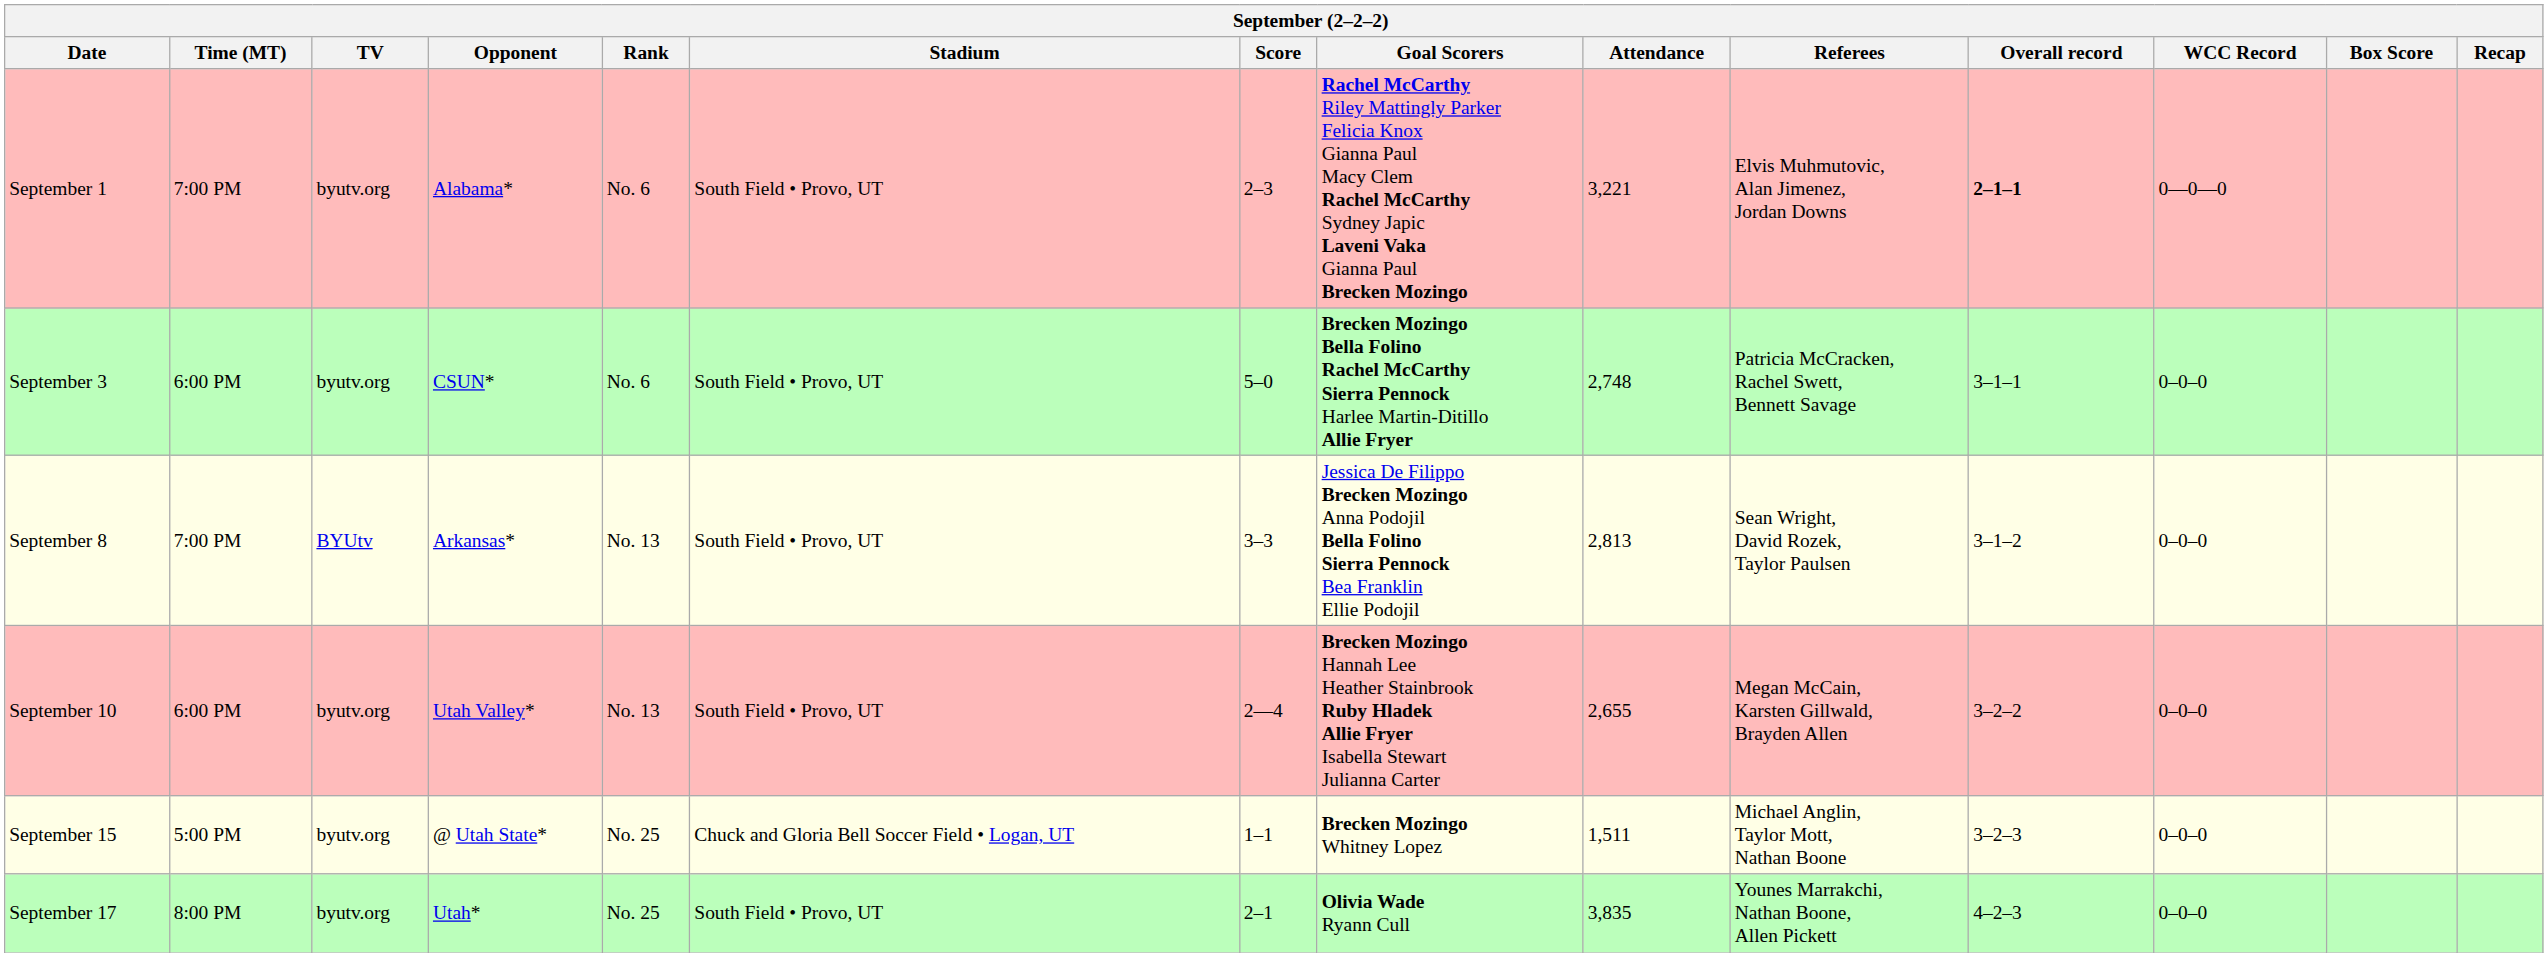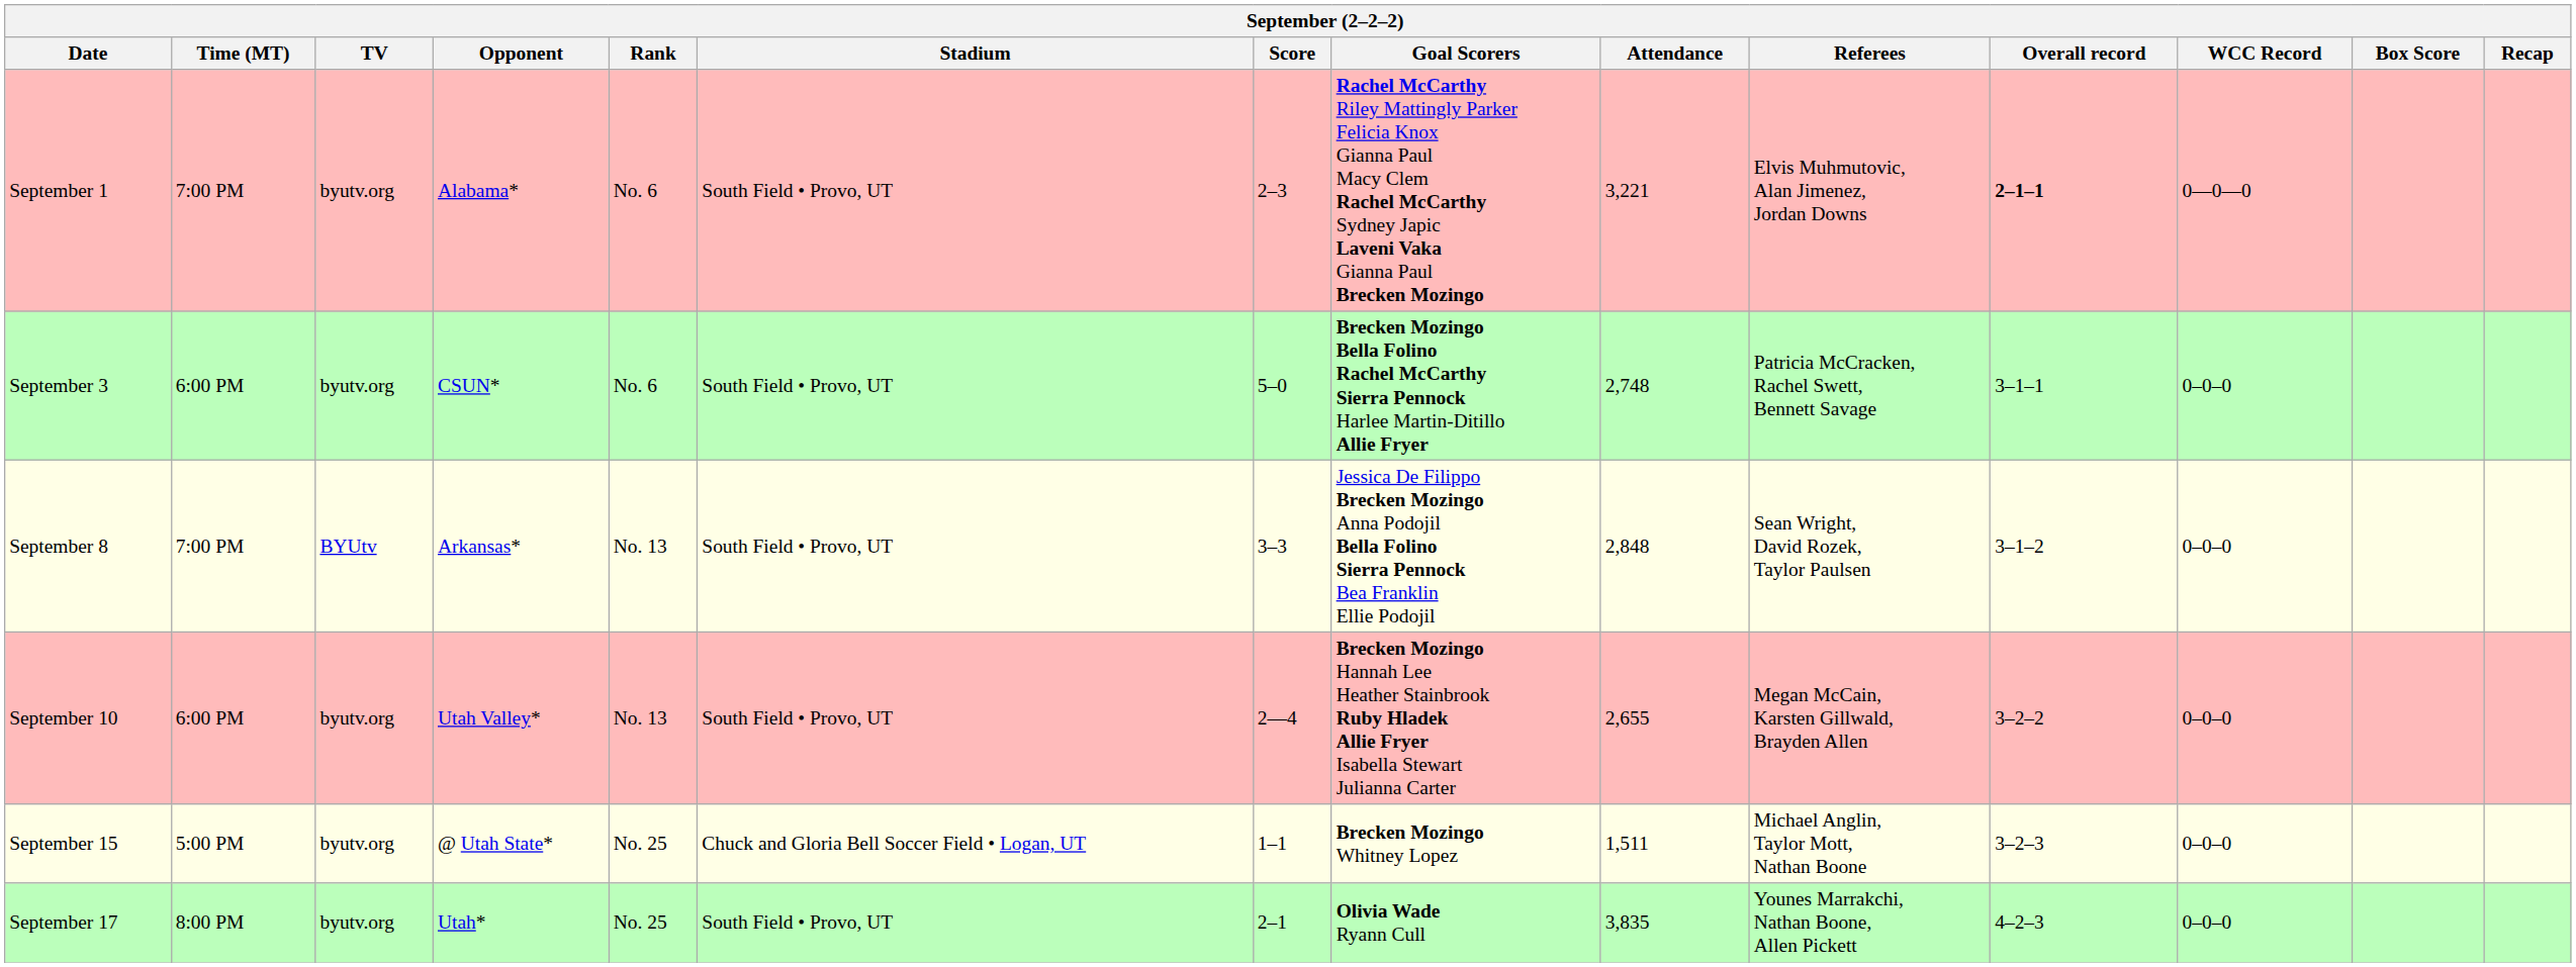 <table class="wikitable collapsible collapsed" style="margin:auto; font-size:95%; width:100%">
 <tr>
 <th colspan=14 style="padding-left:4em;">September (2–2–2)</th>
 </tr>
 <tr>
 <th>Date</th>
 <th>Time (MT)</th>
 <th>TV</th>
 <th>Opponent</th>
 <th>Rank</th>
 <th>Stadium</th>
 <th>Score</th>
 <th>Goal Scorers</th>
 <th>Attendance</th>
 <th>Referees</th>
 <th>Overall record</th>
 <th>WCC Record</th>
 <th>Box Score</th>
 <th>Recap</th>
 </tr>
 <tr bgcolor=ffbbbb>
 <td>September 1</td>
 <td>7:00 PM</td>
 <td>byutv.org</td>
 <td><a href='#'>Alabama</a>*</td>
 <td>No. 6</td>
 <td>South Field • Provo, UT</td>
 <td>2–3</td>
 <td><strong><a href='#'>Rachel McCarthy</a></strong>  <br>  <a href='#'>Riley Mattingly Parker</a> <br>  <a href='#'>Felicia Knox</a> <br>  Gianna Paul <br>  Macy Clem <br> <strong>Rachel McCarthy</strong>  <br>  Sydney Japic <br> <strong>Laveni Vaka</strong>  <br>  Gianna Paul <br> <strong>Brecken Mozingo</strong> </td>
 <td>3,221</td>
 <td>Elvis Muhmutovic, <br> Alan Jimenez, <br> Jordan Downs</td>
 <td><strong>2–1–1</strong></td>
 <td>0—0—0</td>
 <td></td>
 <td></td>
 </tr>
 <tr bgcolor=bbffbb>
 <td>September 3</td>
 <td>6:00 PM</td>
 <td>byutv.org</td>
 <td><a href='#'>CSUN</a>*</td>
 <td>No. 6</td>
 <td>South Field • Provo, UT</td>
 <td>5–0</td>
 <td><strong>Brecken Mozingo</strong>  <br> <strong>Bella Folino</strong>  <br> <strong>Rachel McCarthy</strong>  <br> <strong>Sierra Pennock</strong>  <br>  Harlee Martin-Ditillo <br> <strong>Allie Fryer</strong> </td>
 <td>2,748</td>
 <td>Patricia McCracken, <br> Rachel Swett, <br> Bennett Savage</td>
 <td>3–1–1</td>
 <td>0–0–0</td>
 <td></td>
 <td></td>
 </tr>
 <tr bgcolor=ffffe6>
 <td>September 8</td>
 <td>7:00 PM</td>
 <td><a href='#'>BYUtv</a></td>
 <td><a href='#'>Arkansas</a>*</td>
 <td>No. 13</td>
 <td>South Field • Provo, UT</td>
 <td>3–3</td>
 <td> <a href='#'>Jessica De Filippo</a> <br> <strong>Brecken Mozingo</strong>  <br>  Anna Podojil <br> <strong>Bella Folino</strong>  <br> <strong>Sierra Pennock</strong>  <br>  <a href='#'>Bea Franklin</a> <br>  Ellie Podojil</td>
-<td>2,813</td>
+<td>2,848</td>
 <td>Sean Wright, <br> David Rozek, <br> Taylor Paulsen</td>
 <td>3–1–2</td>
 <td>0–0–0</td>
 <td></td>
 <td></td>
 </tr>
 <tr bgcolor=ffbbbb>
 <td>September 10</td>
 <td>6:00 PM</td>
 <td>byutv.org</td>
 <td><a href='#'>Utah Valley</a>*</td>
 <td>No. 13</td>
 <td>South Field • Provo, UT</td>
 <td>2—4</td>
 <td><strong>Brecken Mozingo</strong>  <br>  Hannah Lee <br>  Heather Stainbrook <br> <strong>Ruby Hladek</strong>  <br> <strong>Allie Fryer</strong>  <br>  Isabella Stewart <br>  Julianna Carter</td>
 <td>2,655</td>
 <td>Megan McCain, <br> Karsten Gillwald, <br> Brayden Allen</td>
 <td>3–2–2</td>
 <td>0–0–0</td>
 <td></td>
 <td></td>
 </tr>
 <tr bgcolor=ffffe6>
 <td>September 15</td>
 <td>5:00 PM</td>
 <td>byutv.org</td>
 <td>@ <a href='#'>Utah State</a>*</td>
 <td>No. 25</td>
 <td>Chuck and Gloria Bell Soccer Field • <a href='#'>Logan, UT</a></td>
 <td>1–1</td>
 <td><strong>Brecken Mozingo</strong>  <br>  Whitney Lopez</td>
 <td>1,511</td>
 <td>Michael Anglin, <br> Taylor Mott, <br> Nathan Boone</td>
 <td>3–2–3</td>
 <td>0–0–0</td>
 <td></td>
 <td></td>
 </tr>
 <tr bgcolor=bbffbb>
 <td>September 17</td>
 <td>8:00 PM</td>
 <td>byutv.org</td>
 <td><a href='#'>Utah</a>*</td>
 <td>No. 25</td>
 <td>South Field • Provo, UT</td>
 <td>2–1</td>
 <td><strong>Olivia Wade</strong>  <br>  Ryann Cull</td>
 <td>3,835</td>
 <td>Younes Marrakchi, <br> Nathan Boone, <br> Allen Pickett</td>
 <td>4–2–3</td>
 <td>0–0–0</td>
 <td></td>
 <td></td>
 </tr>
 </table>
